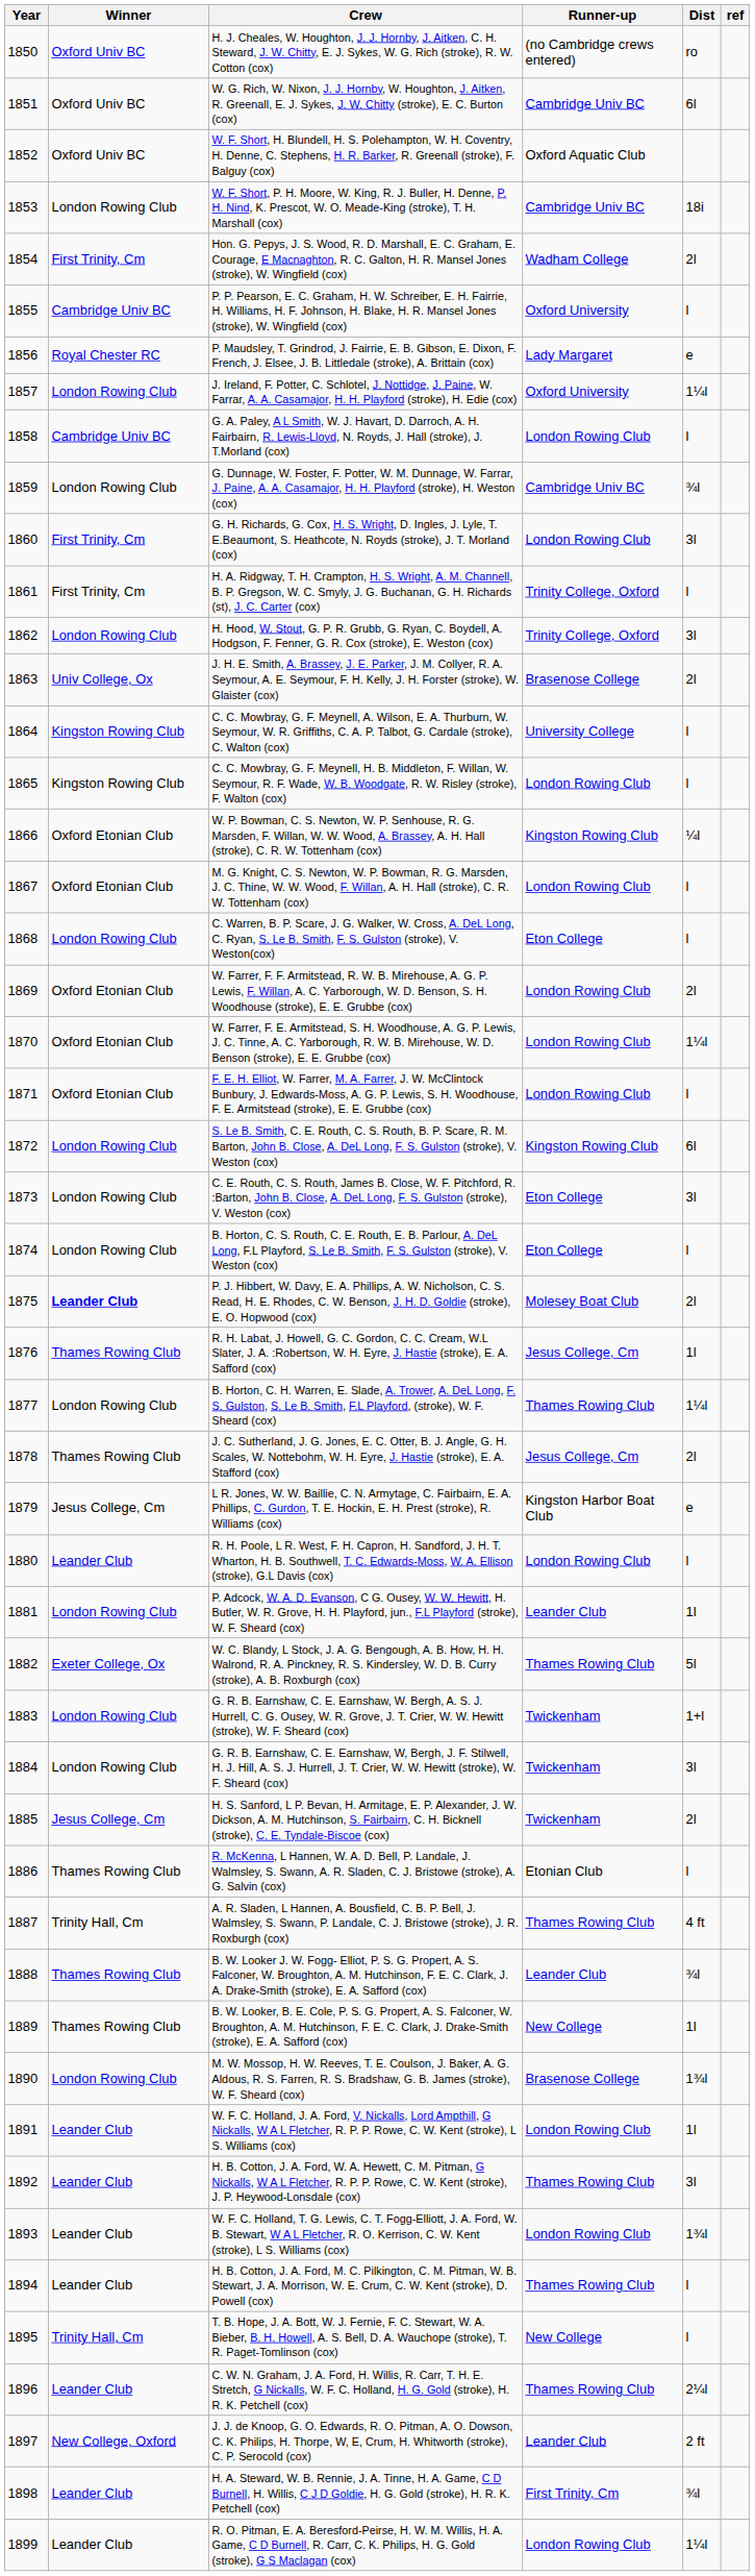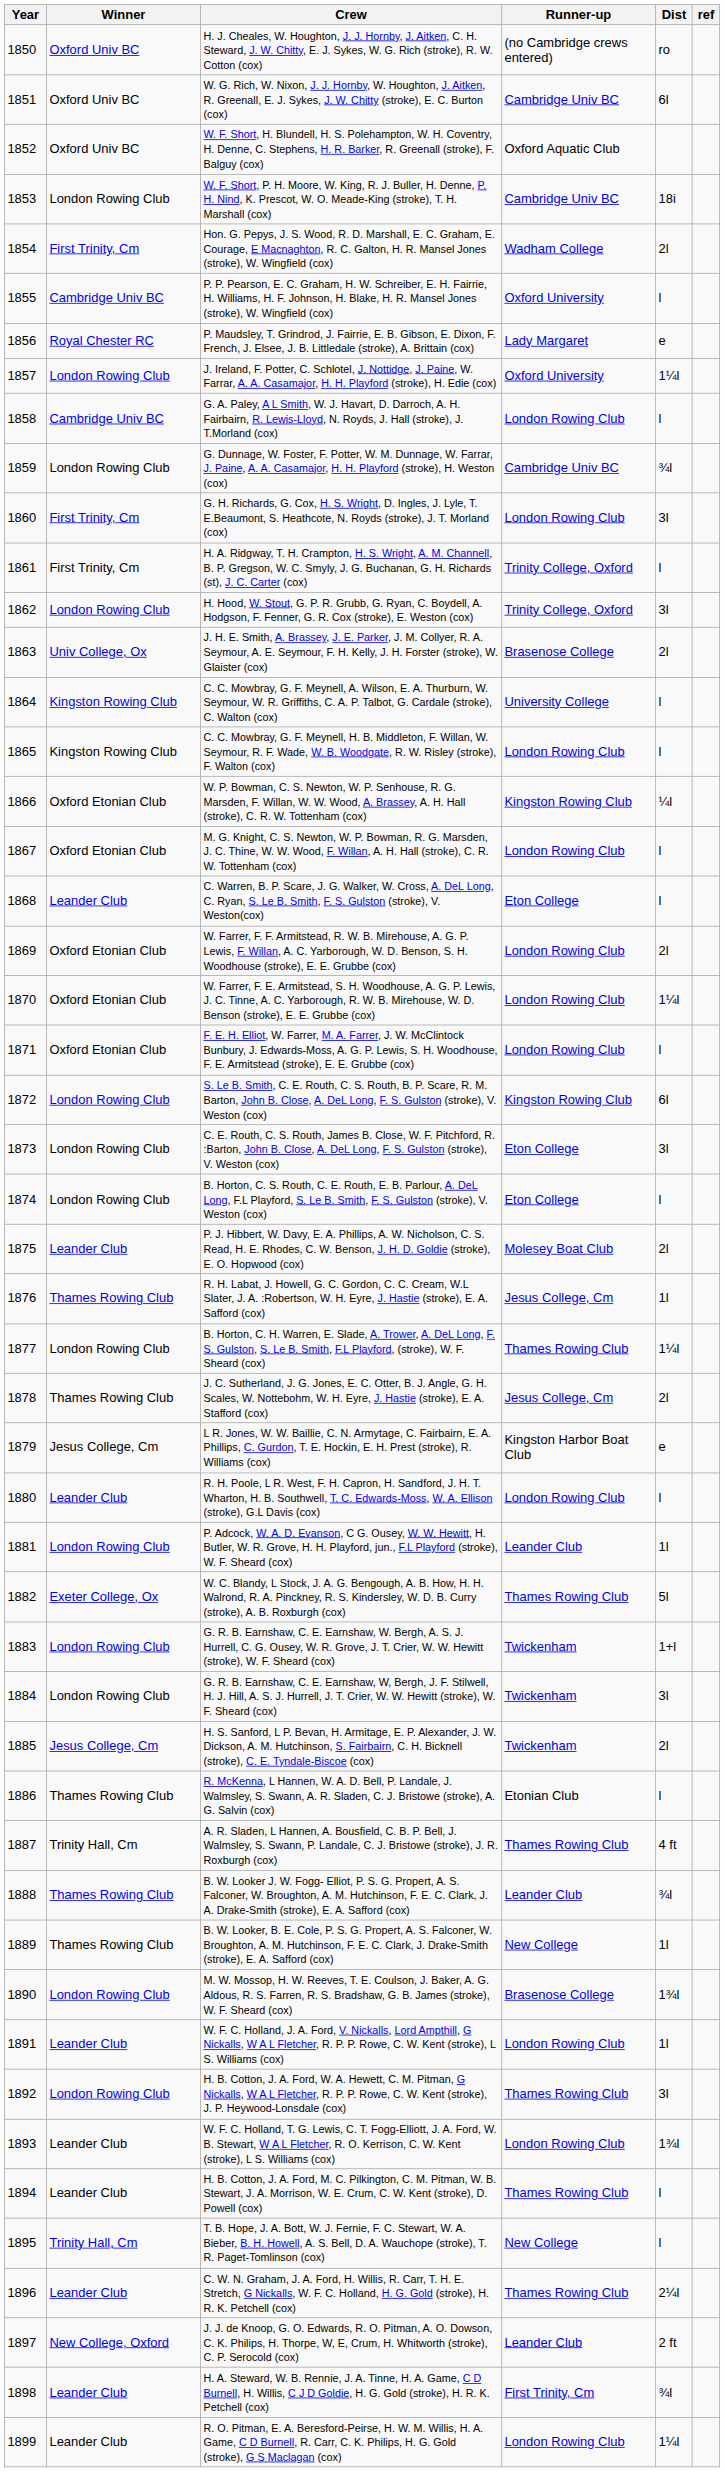 <table class="wikitable" width="100%">
 <tr>
 <th width=30>Year</th>
 <th width=150>Winner</th>
 <th width=300>Crew</th>
 <th width=150>Runner-up</th>
 <th width=30>Dist</th>
 <th width=20>ref</th>
 </tr>
 <tr>
 <td>1850</td>
 <td><a href='#'>Oxford Univ BC</a></td>
 <td><small>H. J. Cheales, W. Houghton, <a href='#'>J. J. Hornby</a>, <a href='#'>J. Aitken</a>, C. H. Steward, <a href='#'>J. W. Chitty</a>, E. J. Sykes, W. G. Rich (stroke), R. W. Cotton (cox) </small></td>
 <td>(no Cambridge crews entered)</td>
 <td>ro</td>
 <td></td>
 </tr>
 <tr>
 <td>1851</td>
 <td>Oxford Univ BC</td>
 <td><small>W. G. Rich, W. Nixon, <a href='#'>J. J. Hornby</a>, W. Houghton, <a href='#'>J. Aitken</a>, R. Greenall, E. J. Sykes, <a href='#'>J. W. Chitty</a> (stroke), E. C. Burton (cox) </small></td>
 <td><a href='#'>Cambridge Univ BC</a></td>
 <td>6l</td>
 <td></td>
 </tr>
 <tr>
 <td>1852</td>
 <td>Oxford Univ BC</td>
 <td><small><a href='#'>W. F. Short</a>, H. Blundell, H. S. Polehampton, W. H. Coventry, H. Denne, C. Stephens, <a href='#'>H. R. Barker</a>, R. Greenall (stroke), F. Balguy (cox) </small></td>
 <td>Oxford Aquatic Club</td>
 <td></td>
 <td></td>
 </tr>
 <tr>
 <td>1853</td>
 <td>London Rowing Club</td>
 <td><small><a href='#'>W. F. Short</a>, P. H. Moore, W. King, R. J. Buller, H. Denne, <a href='#'>P. H. Nind</a>, K. Prescot, W. O. Meade-King (stroke), T. H. Marshall (cox)</small></td>
 <td><a href='#'>Cambridge Univ BC</a></td>
 <td>18i</td>
 <td></td>
 </tr>
 <tr>
 <td>1854</td>
 <td><a href='#'>First Trinity, Cm</a></td>
 <td><small>Hon. G. Pepys, J. S. Wood, R. D. Marshall, E. C. Graham, E. Courage, <a href='#'>E Macnaghton</a>, R. C. Galton, H. R. Mansel Jones (stroke), W. Wingfield (cox) </small></td>
 <td><a href='#'>Wadham College</a></td>
 <td>2l</td>
 <td></td>
 </tr>
 <tr>
 <td>1855</td>
 <td><a href='#'>Cambridge Univ BC</a></td>
 <td><small>P. P. Pearson, E. C. Graham, H. W. Schreiber, E. H. Fairrie, H. Williams, H. F. Johnson, H. Blake, H. R. Mansel Jones (stroke), W. Wingfield (cox)</small></td>
 <td><a href='#'>Oxford University</a></td>
 <td>l</td>
 <td></td>
 </tr>
 <tr>
 <td>1856</td>
 <td><a href='#'>Royal Chester RC</a></td>
 <td><small>  P. Maudsley, T. Grindrod, J. Fairrie, E. B. Gibson, E. Dixon, F. French, J. Elsee, J. B. Littledale (stroke), A. Brittain (cox)</small></td>
 <td><a href='#'>Lady Margaret</a></td>
 <td>e</td>
 <td></td>
 </tr>
 <tr>
 <td>1857</td>
 <td><a href='#'>London Rowing Club</a></td>
 <td><small>J. Ireland, F. Potter, C. Schlotel,  <a href='#'>J. Nottidge</a>,  <a href='#'>J. Paine</a>, W. Farrar, <a href='#'>A. A. Casamajor</a>, <a href='#'>H. H. Playford</a> (stroke), H. Edie (cox)</small></td>
 <td><a href='#'>Oxford University</a></td>
 <td>1¼l</td>
 <td></td>
 </tr>
 <tr>
 <td>1858</td>
 <td><a href='#'>Cambridge Univ BC</a></td>
 <td><small>G. A. Paley, <a href='#'>A L Smith</a>, W. J. Havart, D. Darroch, A. H. Fairbairn, <a href='#'>R. Lewis-Lloyd</a>, N. Royds, J. Hall (stroke), J. T.Morland (cox) </small></td>
 <td><a href='#'>London Rowing Club</a></td>
 <td>l</td>
 <td></td>
 </tr>
 <tr>
 <td>1859</td>
 <td>London Rowing Club</td>
 <td><small> G. Dunnage, W. Foster, F. Potter, W. M. Dunnage, W. Farrar,  <a href='#'>J. Paine</a>, <a href='#'>A. A. Casamajor</a>, <a href='#'>H. H. Playford</a> (stroke),  H. Weston (cox) </small></td>
 <td><a href='#'>Cambridge Univ BC</a></td>
 <td>¾l</td>
 <td></td>
 </tr>
 <tr>
 <td>1860</td>
 <td><a href='#'>First Trinity, Cm</a></td>
 <td><small>G. H. Richards, G. Cox, <a href='#'>H. S. Wright</a>, D. Ingles, J. Lyle, T. E.Beaumont, S. Heathcote, N. Royds (stroke), J. T. Morland (cox) </small></td>
 <td><a href='#'>London Rowing Club</a></td>
 <td>3l</td>
 <td></td>
 </tr>
 <tr>
 <td>1861</td>
 <td>First Trinity, Cm</td>
 <td><small>H. A. Ridgway, T. H. Crampton, <a href='#'>H. S. Wright</a>, <a href='#'>A. M. Channell</a>, B. P. Gregson, W. C. Smyly, J. G. Buchanan, G. H. Richards (st), <a href='#'>J. C. Carter</a> (cox) </small></td>
 <td><a href='#'>Trinity College, Oxford</a></td>
 <td>l</td>
 <td></td>
 </tr>
 <tr>
 <td>1862</td>
 <td><a href='#'>London Rowing Club</a></td>
 <td><small>H. Hood, <a href='#'>W. Stout</a>, G. P. R. Grubb, G. Ryan, C. Boydell, A. Hodgson, F. Fenner, G. R. Cox (stroke), E. Weston (cox) </small></td>
 <td><a href='#'>Trinity College, Oxford</a></td>
 <td>3l</td>
 <td></td>
 </tr>
 <tr>
 <td>1863</td>
 <td><a href='#'>Univ College, Ox</a></td>
 <td><small> J. H. E. Smith, <a href='#'>A. Brassey</a>, <a href='#'>J. E. Parker</a>, J. M. Collyer, R. A. Seymour, A. E. Seymour, F. H. Kelly, J. H. Forster (stroke), W. Glaister (cox) </small></td>
 <td><a href='#'>Brasenose College</a></td>
 <td>2l</td>
 <td></td>
 </tr>
 <tr>
 <td>1864</td>
 <td><a href='#'>Kingston Rowing Club</a></td>
 <td><small>C. C. Mowbray, G. F. Meynell, A. Wilson, E. A. Thurburn, W. Seymour, W. R. Griffiths, C. A. P. Talbot, G. Cardale (stroke), C. Walton (cox) </small></td>
 <td><a href='#'>University College</a></td>
 <td>l</td>
 <td></td>
 </tr>
 <tr>
 <td>1865</td>
 <td>Kingston Rowing Club</td>
 <td><small> C. C. Mowbray, G. F. Meynell, H. B. Middleton, F. Willan, W. Seymour, R. F. Wade, <a href='#'>W. B. Woodgate</a>, R. W. Risley (stroke), F. Walton (cox) </small></td>
 <td><a href='#'>London Rowing Club</a></td>
 <td>l</td>
 <td></td>
 </tr>
 <tr>
 <td>1866</td>
 <td>Oxford Etonian Club</td>
 <td><small> W. P. Bowman, C. S. Newton, W. P. Senhouse, R. G. Marsden, F. Willan, W. W. Wood, <a href='#'>A. Brassey</a>, A. H. Hall (stroke), C. R. W. Tottenham (cox) </small></td>
 <td><a href='#'>Kingston Rowing Club</a></td>
 <td>¼l</td>
 <td></td>
 </tr>
 <tr>
 <td>1867</td>
 <td>Oxford Etonian Club</td>
 <td><small> M. G. Knight, C. S. Newton, W. P. Bowman, R. G. Marsden, J. C. Thine, W. W. Wood, <a href='#'>F. Willan</a>, A. H. Hall (stroke), C. R. W. Tottenham (cox)</small></td>
 <td><a href='#'>London Rowing Club</a></td>
 <td>l</td>
 <td></td>
 </tr>
 <tr>
 <td>1868</td>
-<td><a href='#'>London Rowing Club</a></td>
+<td><a href='#'>Leander Club</a></td>
 <td><small>C. Warren, B. P. Scare, J. G. Walker, W. Cross, <a href='#'>A. DeL Long</a>, C. Ryan, <a href='#'>S. Le B. Smith</a>, <a href='#'>F. S. Gulston</a>  (stroke), V. Weston(cox) </small></td>
 <td><a href='#'>Eton College</a></td>
 <td>l</td>
 <td></td>
 </tr>
 <tr>
 <td>1869</td>
 <td>Oxford Etonian Club</td>
 <td><small>W. Farrer, F. F. Armitstead, R. W. B. Mirehouse, A. G. P. Lewis, <a href='#'>F. Willan</a>, A. C. Yarborough, W. D. Benson, S. H. Woodhouse (stroke), E. E. Grubbe (cox)</small></td>
 <td><a href='#'>London Rowing Club</a></td>
 <td>2l</td>
 <td></td>
 </tr>
 <tr>
 <td>1870</td>
 <td>Oxford Etonian Club</td>
 <td><small> W. Farrer, F. E. Armitstead, S. H. Woodhouse, A. G. P. Lewis, J. C. Tinne, A. C. Yarborough, R. W. B. Mirehouse, W. D. Benson (stroke), E. E. Grubbe (cox)</small></td>
 <td><a href='#'>London Rowing Club</a></td>
 <td>1¼l</td>
 <td></td>
 </tr>
 <tr>
 <td>1871</td>
 <td>Oxford Etonian Club</td>
 <td><small><a href='#'>F. E. H. Elliot</a>, W. Farrer, <a href='#'>M. A. Farrer</a>, J. W. McClintock Bunbury, J. Edwards-Moss, A. G. P. Lewis, S. H. Woodhouse, F. E. Armitstead (stroke), E. E. Grubbe (cox) </small></td>
 <td><a href='#'>London Rowing Club</a></td>
 <td>l</td>
 <td></td>
 </tr>
 <tr>
 <td>1872</td>
 <td><a href='#'>London Rowing Club</a></td>
 <td><small><a href='#'>S. Le B. Smith</a>, C. E. Routh, C. S. Routh, B. P. Scare, R. M. Barton, <a href='#'>John B. Close</a>, <a href='#'>A. DeL Long</a>, <a href='#'>F. S. Gulston</a>  (stroke), V. Weston (cox) </small></td>
 <td><a href='#'>Kingston Rowing Club</a></td>
 <td>6l</td>
 <td></td>
 </tr>
 <tr>
 <td>1873</td>
 <td>London Rowing Club</td>
 <td><small>C. E. Routh, C. S. Routh, James B. Close, W. F. Pitchford, R. :Barton, <a href='#'>John B. Close</a>, <a href='#'>A. DeL Long</a>, <a href='#'>F. S. Gulston</a>  (stroke), V. Weston (cox) </small></td>
 <td><a href='#'>Eton College</a></td>
 <td>3l</td>
 <td></td>
 </tr>
 <tr>
 <td>1874</td>
 <td>London Rowing Club</td>
 <td><small>B. Horton, C. S. Routh, C. E. Routh, E. B. Parlour, <a href='#'>A. DeL Long</a>, F.L Playford, <a href='#'>S. Le B. Smith</a>, <a href='#'>F. S. Gulston</a>  (stroke), V. Weston (cox) </small></td>
 <td><a href='#'>Eton College</a></td>
 <td>l</td>
 <td></td>
 </tr>
 <tr>
 <td>1875</td>
-<td><strong><a href='#'>Leander Club</a></strong></td>
+<td><a href='#'>Leander Club</a></td>
 <td><small>  P. J. Hibbert, W. Davy, E. A. Phillips, A. W. Nicholson, C. S. Read, H. E. Rhodes, C. W. Benson, <a href='#'>J. H. D. Goldie</a> (stroke), E. O. Hopwood (cox)</small></td>
 <td><a href='#'>Molesey Boat Club</a></td>
 <td>2l</td>
 <td></td>
 </tr>
 <tr>
 <td>1876</td>
 <td><a href='#'>Thames Rowing Club</a></td>
 <td><small> R. H. Labat, J. Howell, G. C. Gordon, C. C. Cream, W.L Slater, J. A. :Robertson, W. H. Eyre, <a href='#'>J. Hastie</a> (stroke), E. A. Safford (cox)</small></td>
 <td><a href='#'>Jesus College, Cm</a></td>
 <td>1l</td>
 <td></td>
 </tr>
 <tr>
 <td>1877</td>
 <td>London Rowing Club</td>
 <td><small> B. Horton, C. H. Warren, E. Slade, <a href='#'>A. Trower</a>, <a href='#'>A. DeL Long</a>, <a href='#'>F. S. Gulston</a>, <a href='#'>S. Le B. Smith</a>, <a href='#'>F.L Playford</a>, (stroke), W. F. Sheard (cox) </small></td>
 <td><a href='#'>Thames Rowing Club</a></td>
 <td>1¼l</td>
 <td></td>
 </tr>
 <tr>
 <td>1878</td>
 <td>Thames Rowing Club</td>
 <td><small>J. C. Sutherland, J. G. Jones, E. C. Otter, B. J. Angle, G. H. Scales, W. Nottebohm, W. H. Eyre, <a href='#'>J. Hastie</a> (stroke), E. A. Stafford (cox) </small></td>
 <td><a href='#'>Jesus College, Cm</a></td>
 <td>2l</td>
 <td></td>
 </tr>
 <tr>
 <td>1879</td>
 <td>Jesus College, Cm</td>
 <td><small> L R. Jones, W. W. Baillie, C. N. Armytage, C. Fairbairn, E. A. Phillips, <a href='#'>C. Gurdon</a>, T. E. Hockin, E. H. Prest (stroke), R. Williams (cox)</small></td>
 <td>Kingston Harbor Boat Club</td>
 <td>e</td>
 <td></td>
 </tr>
 <tr>
 <td>1880</td>
 <td><a href='#'>Leander Club</a></td>
 <td><small> R. H. Poole, L R. West, F. H. Capron, H. Sandford, J. H. T. Wharton, H. B. Southwell, <a href='#'>T. C. Edwards-Moss</a>, <a href='#'>W. A. Ellison</a> (stroke), G.L Davis (cox) </small></td>
 <td><a href='#'>London Rowing Club</a></td>
 <td>l</td>
 <td></td>
 </tr>
 <tr>
 <td>1881</td>
 <td><a href='#'>London Rowing Club</a></td>
 <td><small>P. Adcock, <a href='#'>W. A. D. Evanson</a>, C G. Ousey, <a href='#'>W. W. Hewitt</a>, H. Butler, W. R. Grove, H. H. Playford, jun., <a href='#'>F.L Playford</a> (stroke), W. F. Sheard (cox) </small></td>
 <td><a href='#'>Leander Club</a></td>
 <td>1l</td>
 <td></td>
 </tr>
 <tr>
 <td>1882</td>
 <td><a href='#'>Exeter College, Ox</a></td>
 <td><small> W. C. Blandy, L Stock, J. A. G. Bengough, A. B. How, H. H. Walrond, R. A. Pinckney, R. S. Kindersley, W. D. B. Curry (stroke), A. B. Roxburgh (cox) </small></td>
 <td><a href='#'>Thames Rowing Club</a></td>
 <td>5l</td>
 <td></td>
 </tr>
 <tr>
 <td>1883</td>
 <td><a href='#'>London Rowing Club</a></td>
 <td><small>G. R. B. Earnshaw, C. E. Earnshaw, W. Bergh, A. S. J. Hurrell, C. G. Ousey, W. R. Grove, J. T. Crier, W. W. Hewitt (stroke), W. F. Sheard (cox)</small></td>
 <td><a href='#'>Twickenham</a></td>
 <td>1+l</td>
 <td></td>
 </tr>
 <tr>
 <td>1884</td>
 <td>London Rowing Club</td>
 <td><small>G. R. B. Earnshaw, C. E. Earnshaw, W, Bergh, J. F. Stilwell, H. J. Hill, A. S. J. Hurrell, J. T. Crier, W. W. Hewitt (stroke), W. F. Sheard (cox) </small></td>
 <td><a href='#'>Twickenham</a></td>
 <td>3l</td>
 <td></td>
 </tr>
 <tr>
 <td>1885</td>
 <td><a href='#'>Jesus College, Cm</a></td>
 <td><small>  H. S. Sanford, L P. Bevan, H. Armitage, E. P. Alexander, J. W. Dickson, A. M. Hutchinson, <a href='#'>S. Fairbairn</a>, C. H. Bicknell (stroke), <a href='#'>C. E. Tyndale-Biscoe</a> (cox) </small></td>
 <td><a href='#'>Twickenham</a></td>
 <td>2l</td>
 <td></td>
 </tr>
 <tr>
 <td>1886</td>
 <td>Thames Rowing Club</td>
 <td><small> <a href='#'>R. McKenna</a>, L Hannen, W. A. D. Bell, P. Landale, J. Walmsley, S. Swann, A. R. Sladen, C. J. Bristowe (stroke), A. G. Salvin (cox)</small></td>
 <td>Etonian Club</td>
 <td>l</td>
 <td></td>
 </tr>
 <tr>
 <td>1887</td>
 <td>Trinity Hall, Cm</td>
 <td><small>A. R. Sladen, L Hannen, A. Bousfield, C. B. P. Bell, J. Walmsley, S. Swann, P. Landale, C. J. Bristowe (stroke), J. R. Roxburgh (cox)</small></td>
 <td><a href='#'>Thames Rowing Club</a></td>
 <td>4 ft</td>
 <td></td>
 </tr>
 <tr>
 <td>1888</td>
 <td><a href='#'>Thames Rowing Club</a></td>
 <td><small> B. W. Looker J. W. Fogg- Elliot, P. S. G. Propert, A. S. Falconer, W. Broughton, A. M. Hutchinson, F. E. C. Clark, J. A. Drake-Smith (stroke), E. A. Safford (cox) </small></td>
 <td><a href='#'>Leander Club</a></td>
 <td>¾l</td>
 <td></td>
 </tr>
 <tr>
 <td>1889</td>
 <td>Thames Rowing Club</td>
 <td><small> B. W. Looker, B. E. Cole, P. S. G. Propert, A. S. Falconer, W. Broughton, A. M. Hutchinson, F. E. C. Clark, J. Drake-Smith (stroke), E. A. Safford (cox) </small></td>
 <td><a href='#'>New College</a></td>
 <td>1l</td>
 <td></td>
 </tr>
 <tr>
 <td>1890</td>
 <td><a href='#'>London Rowing Club</a></td>
 <td><small>M. W. Mossop, H. W. Reeves, T. E. Coulson, J. Baker, A. G. Aldous, R. S. Farren, R. S. Bradshaw, G. B. James (stroke), W. F. Sheard (cox) </small></td>
 <td><a href='#'>Brasenose College</a></td>
 <td>1¾l</td>
 <td></td>
 </tr>
 <tr>
 <td>1891</td>
 <td><a href='#'>Leander Club</a></td>
 <td><small>  W. F. C. Holland, J. A. Ford, <a href='#'>V. Nickalls</a>, <a href='#'>Lord Ampthill</a>,  <a href='#'>G Nickalls</a>, <a href='#'>W A L Fletcher</a>,  R. P. P. Rowe, C. W. Kent (stroke), L S. Williams (cox) </small></td>
 <td><a href='#'>London Rowing Club</a></td>
 <td>1l</td>
 <td></td>
 </tr>
 <tr>
 <td>1892</td>
-<td><a href='#'>Leander Club</a></td>
+<td><a href='#'>London Rowing Club</a></td>
 <td><small> H. B. Cotton, J. A. Ford, W. A. Hewett, C. M. Pitman, <a href='#'>G Nickalls</a>, <a href='#'>W A L Fletcher</a>, R. P. P. Rowe, C. W. Kent (stroke), J. P. Heywood-Lonsdale (cox)</small></td>
 <td><a href='#'>Thames Rowing Club</a></td>
 <td>3l</td>
 <td></td>
 </tr>
 <tr>
 <td>1893</td>
 <td>Leander Club</td>
 <td><small> W. F. C. Holland, T. G. Lewis, C. T. Fogg-Elliott, J. A. Ford, W. B. Stewart, <a href='#'>W A L Fletcher</a>, R. O. Kerrison, C. W. Kent (stroke), L S. Williams (cox) </small></td>
 <td><a href='#'>London Rowing Club</a></td>
 <td>1¾l</td>
 <td></td>
 </tr>
 <tr>
 <td>1894</td>
 <td>Leander Club</td>
 <td><small> H. B. Cotton, J. A. Ford, M. C. Pilkington, C. M. Pitman, W. B. Stewart, J. A. Morrison, W. E. Crum, C. W. Kent (stroke), D. Powell (cox) </small></td>
 <td><a href='#'>Thames Rowing Club</a></td>
 <td>l</td>
 <td></td>
 </tr>
 <tr>
 <td>1895</td>
 <td><a href='#'>Trinity Hall, Cm</a></td>
 <td><small>T. B. Hope, J. A. Bott, W. J. Fernie, F. C. Stewart, W. A. Bieber, <a href='#'>B. H. Howell</a>, A. S. Bell, D. A. Wauchope (stroke), T. R. Paget-Tomlinson (cox) </small></td>
 <td><a href='#'>New College</a></td>
 <td>l</td>
 <td></td>
 </tr>
 <tr>
 <td>1896</td>
 <td><a href='#'>Leander Club</a></td>
 <td><small> C. W. N. Graham, J. A. Ford, H. Willis, R. Carr, T. H. E. Stretch, <a href='#'>G Nickalls</a>, W. F. C. Holland, <a href='#'>H. G. Gold</a> (stroke), H. R. K. Petchell (cox) </small></td>
 <td><a href='#'>Thames Rowing Club</a></td>
 <td>2¼l</td>
 <td></td>
 </tr>
 <tr>
 <td>1897</td>
 <td><a href='#'>New College, Oxford</a></td>
 <td><small> J. J. de Knoop, G. O. Edwards, R. O. Pitman, A. O. Dowson, C. K. Philips, H. Thorpe, W, E, Crum, H. Whitworth (stroke), C. P. Serocold (cox) </small></td>
 <td><a href='#'>Leander Club</a></td>
 <td>2 ft</td>
 <td></td>
 </tr>
 <tr>
 <td>1898</td>
 <td><a href='#'>Leander Club</a></td>
 <td><small> H. A. Steward, W. B. Rennie, J. A. Tinne, H. A. Game, <a href='#'>C D Burnell</a>,  H. Willis, <a href='#'>C J D Goldie</a>,  H. G. Gold (stroke), H. R. K. Petchell (cox) </small></td>
 <td><a href='#'>First Trinity, Cm</a></td>
 <td>¾l</td>
 <td></td>
 </tr>
 <tr>
 <td>1899</td>
 <td>Leander Club</td>
 <td><small> R. O. Pitman, E. A. Beresford-Peirse, H. W. M. Willis, H. A. Game, <a href='#'>C D Burnell</a>,  R. Carr, C. K. Philips, H. G. Gold (stroke), <a href='#'>G S Maclagan</a> (cox)</small></td>
 <td><a href='#'>London Rowing Club</a></td>
 <td>1¼l</td>
 <td></td>
 </tr>
 </table>
